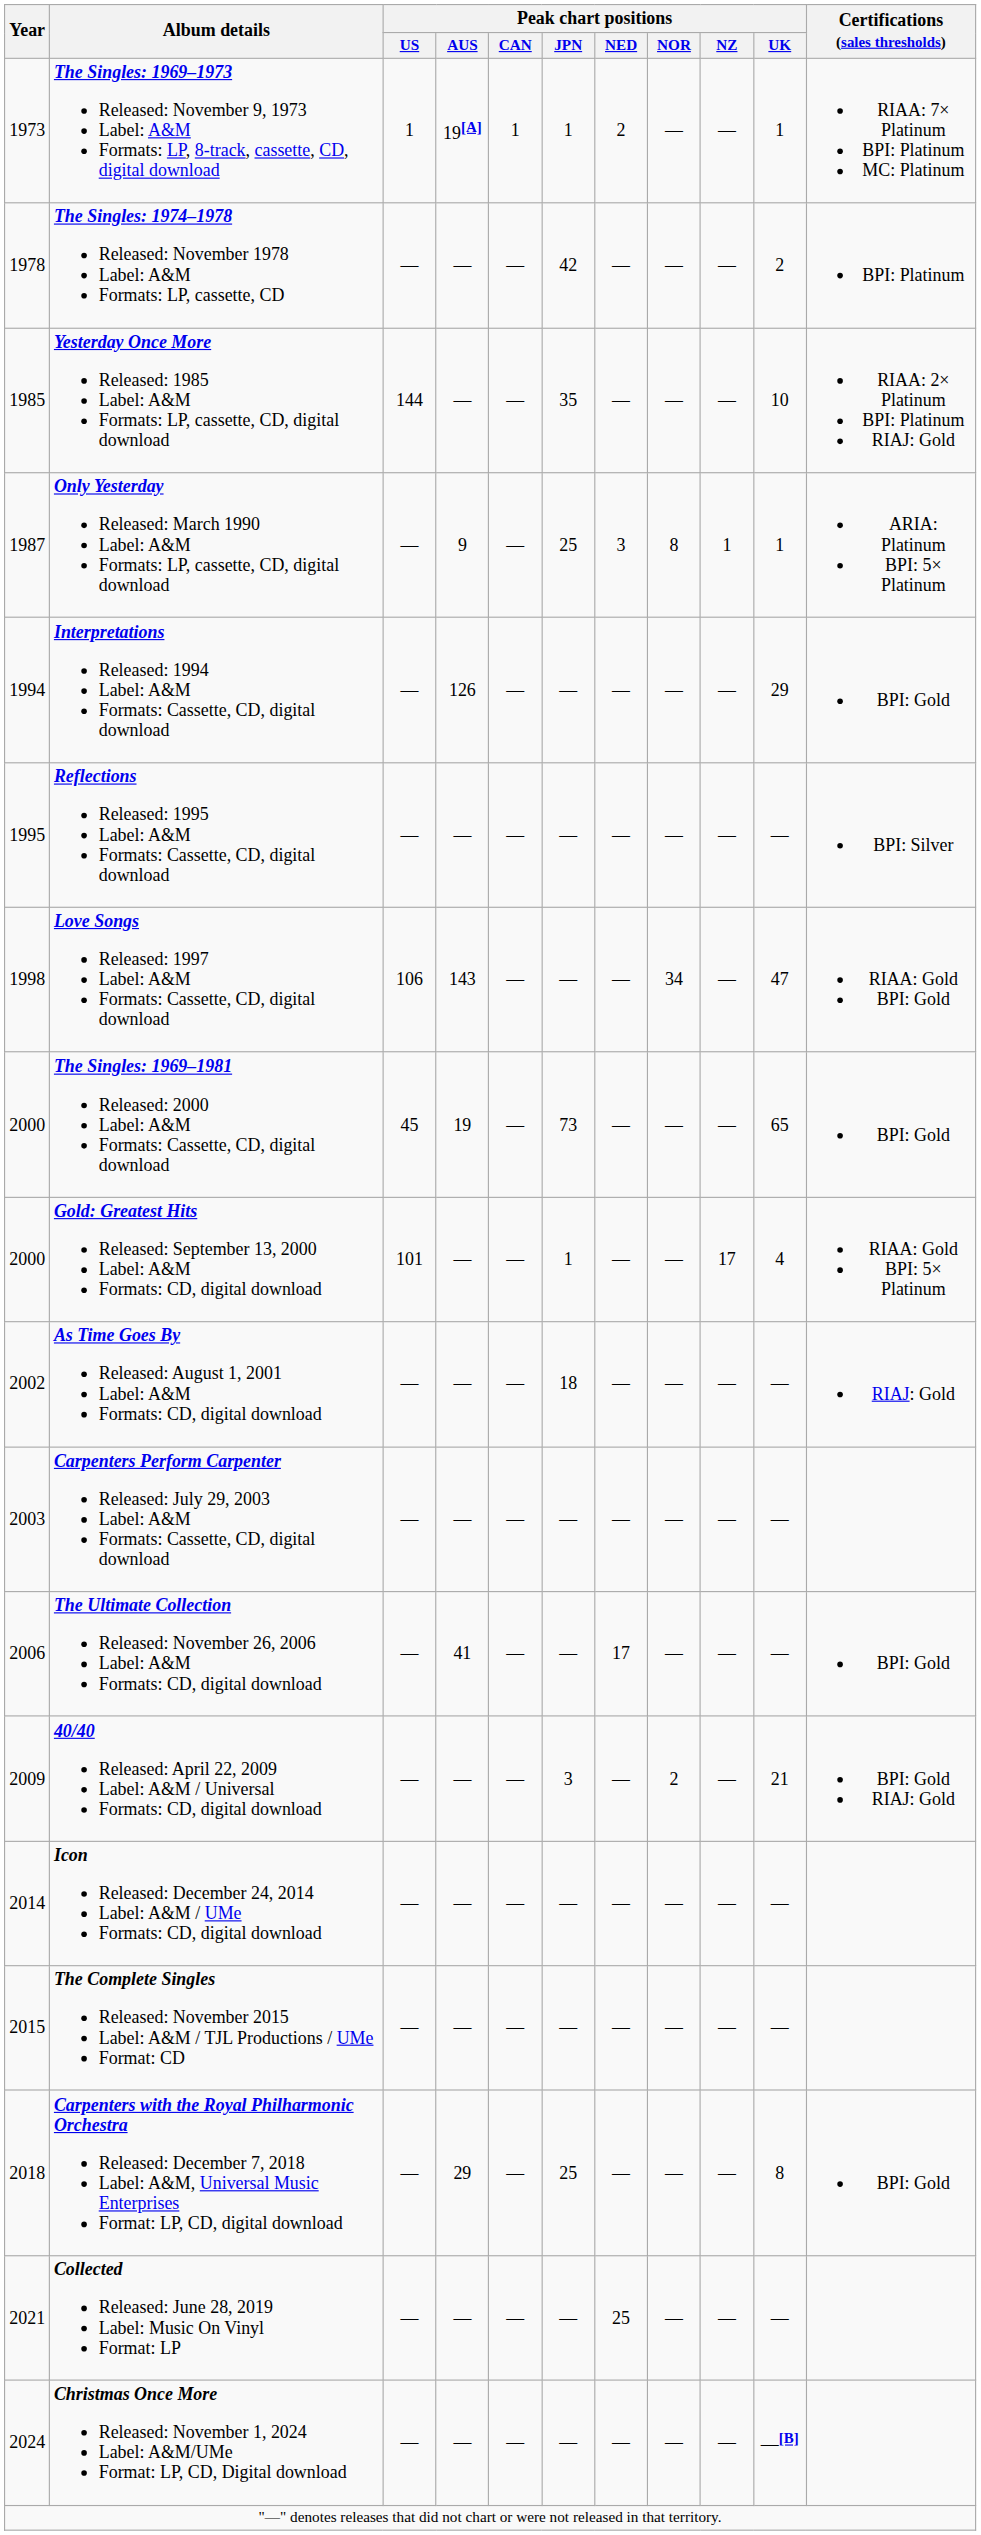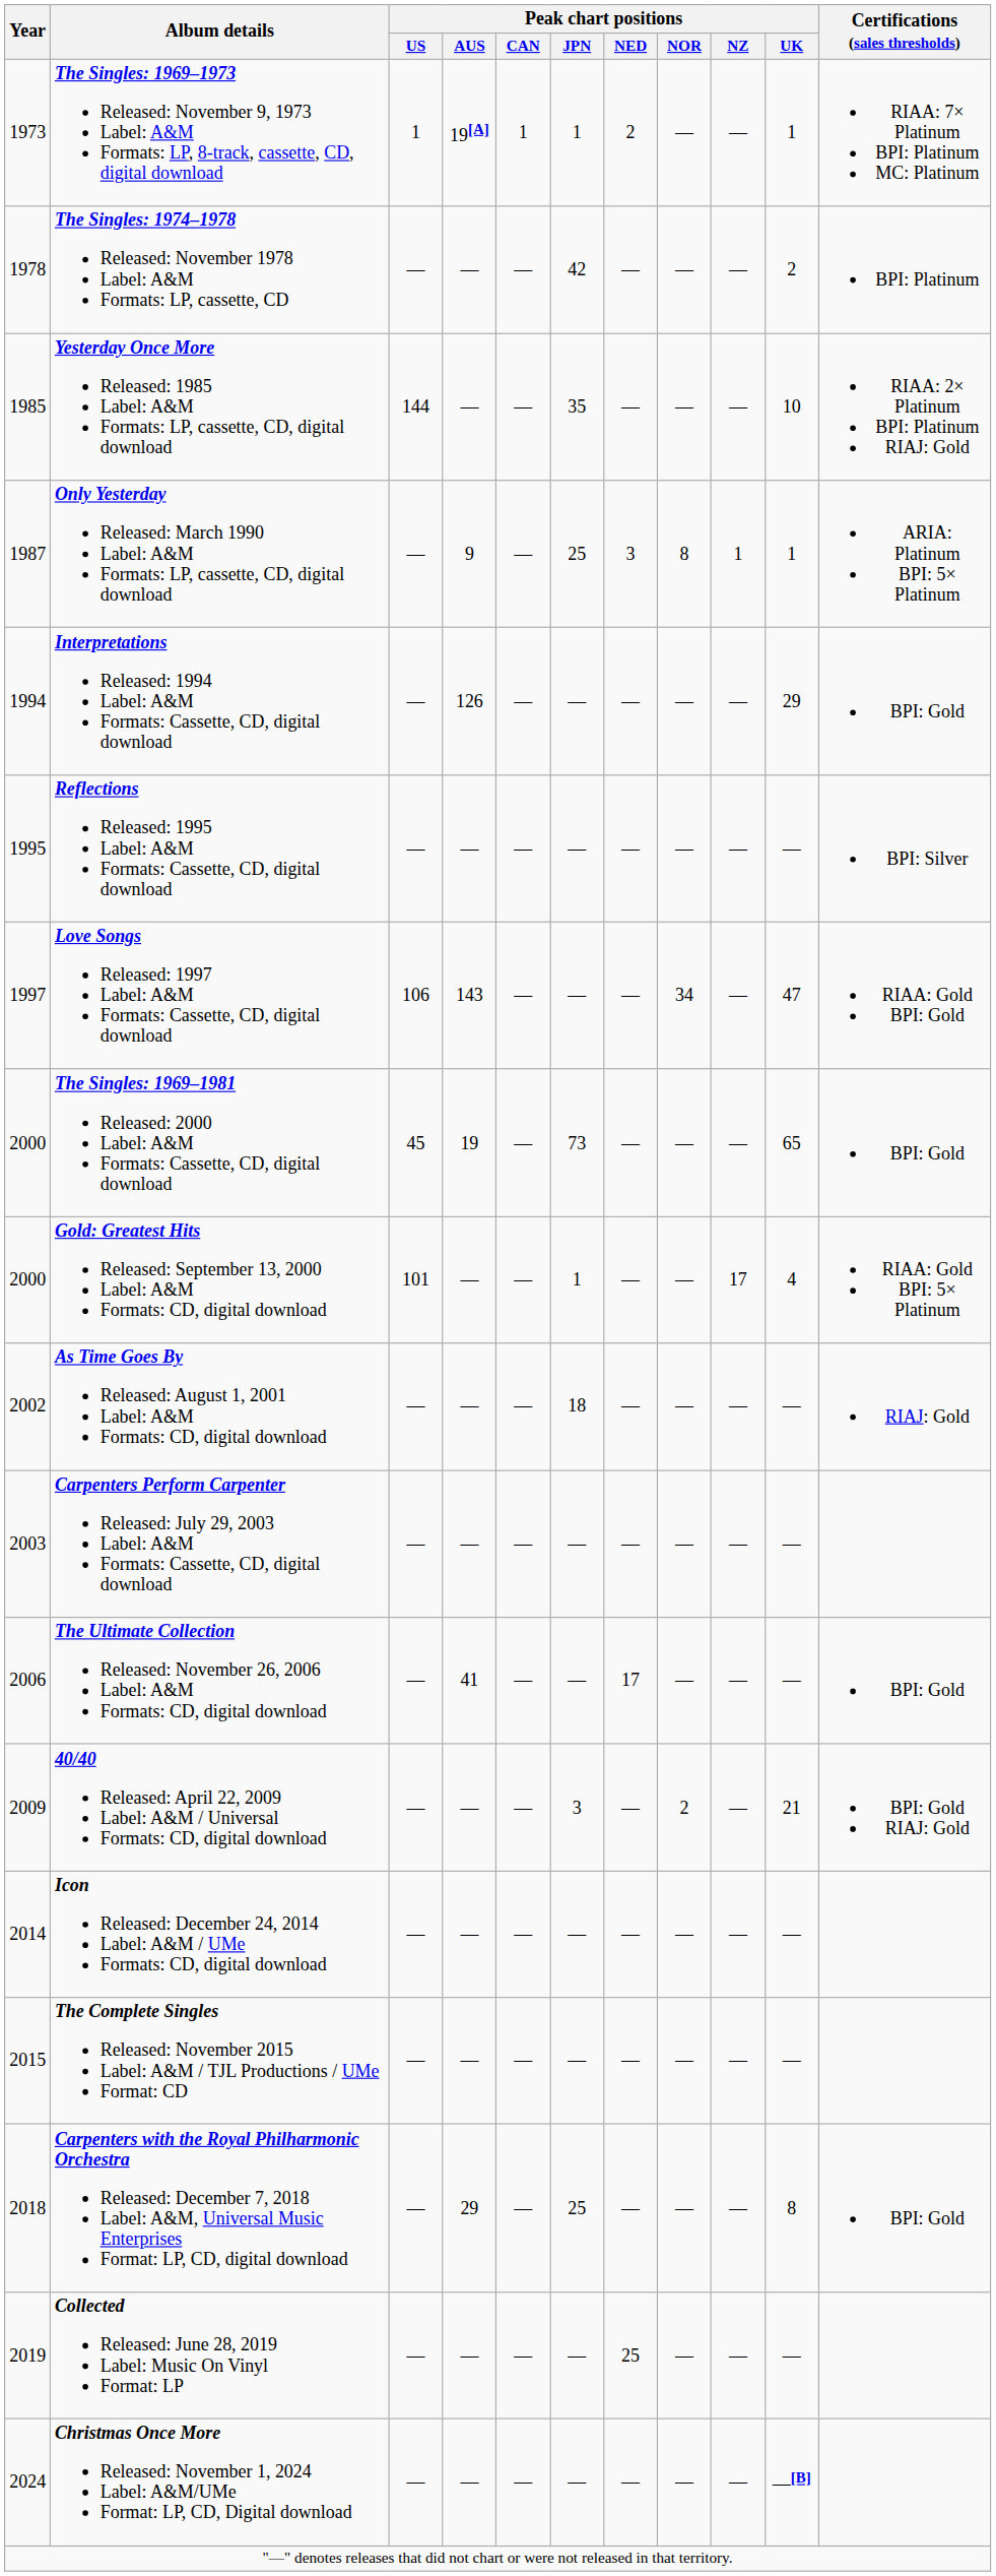 <table class="wikitable" style="text-align:center">
 <tr>
 <th rowspan="2" width="33">Year</th>
 <th rowspan="2">Album details</th>
 <th colspan="8">Peak chart positions</th>
 <th rowspan="2">Certifications<br><small>(<a href='#'>sales thresholds</a>)</small></th>
 </tr>
 <tr>
 <th style="width:3em;font-size:85%"><a href='#'>US</a><br></th>
 <th style="width:3em;font-size:85%"><a href='#'>AUS</a><br></th>
 <th style="width:3em;font-size:85%"><a href='#'>CAN</a><br></th>
 <th style="width:3em;font-size:85%"><a href='#'>JPN</a><br></th>
 <th style="width:3em;font-size:85%"><a href='#'>NED</a><br></th>
 <th style="width:3em;font-size:85%"><a href='#'>NOR</a><br></th>
 <th style="width:3em;font-size:85%"><a href='#'>NZ</a><br></th>
 <th style="width:3em;font-size:85%"><a href='#'>UK</a><br></th>
 </tr>
 <tr>
 <td>1973</td>
 <td align="left"><strong><em><a href='#'>The Singles: 1969–1973</a></em></strong><br><ul><li>Released: November 9, 1973</li><li>Label: <a href='#'>A&M</a></li><li>Formats: <a href='#'>LP</a>, <a href='#'>8-track</a>, <a href='#'>cassette</a>, <a href='#'>CD</a>, <a href='#'>digital download</a></li></ul></td>
 <td>1</td>
 <td>19<sup><a href='#'><strong>[A]</strong></a></sup></td>
 <td>1</td>
 <td>1</td>
 <td>2</td>
 <td>—</td>
 <td>—</td>
 <td>1</td>
 <td><br><ul><li>RIAA: 7× Platinum</li><li>BPI: Platinum</li><li>MC: Platinum</li></ul></td>
 </tr>
 <tr>
 <td>1978</td>
 <td align="left"><strong><em><a href='#'>The Singles: 1974–1978</a></em></strong><br><ul><li>Released: November 1978</li><li>Label: A&M</li><li>Formats: LP, cassette, CD</li></ul></td>
 <td>—</td>
 <td>—</td>
 <td>—</td>
 <td>42</td>
 <td>—</td>
 <td>—</td>
 <td>—</td>
 <td>2</td>
 <td><br><ul><li>BPI: Platinum</li></ul></td>
 </tr>
 <tr>
 <td>1985</td>
 <td align="left"><strong><em><a href='#'>Yesterday Once More</a></em></strong><br><ul><li>Released: 1985</li><li>Label: A&M</li><li>Formats: LP, cassette, CD, digital download</li></ul></td>
 <td>144</td>
 <td>—</td>
 <td>—</td>
 <td>35</td>
 <td>—</td>
 <td>—</td>
 <td>—</td>
 <td>10</td>
 <td><br><ul><li>RIAA: 2× Platinum</li><li>BPI: Platinum</li><li>RIAJ: Gold</li></ul></td>
 </tr>
 <tr>
 <td>1987</td>
 <td align="left"><strong><em><a href='#'>Only Yesterday</a></em></strong><br><ul><li>Released: March 1990</li><li>Label: A&M</li><li>Formats: LP, cassette, CD, digital download</li></ul></td>
 <td>—</td>
 <td>9</td>
 <td>—</td>
 <td>25</td>
 <td>3</td>
 <td>8</td>
 <td>1</td>
 <td>1</td>
 <td><br><ul><li>ARIA: Platinum</li><li>BPI: 5× Platinum</li></ul></td>
 </tr>
 <tr>
 <td>1994</td>
 <td align="left"><strong><em><a href='#'>Interpretations</a></em></strong><br><ul><li>Released: 1994</li><li>Label: A&M</li><li>Formats: Cassette, CD, digital download</li></ul></td>
 <td>—</td>
 <td>126</td>
 <td>—</td>
 <td>—</td>
 <td>—</td>
 <td>—</td>
 <td>—</td>
 <td>29</td>
 <td><br><ul><li>BPI: Gold</li></ul></td>
 </tr>
 <tr>
 <td>1995</td>
 <td align="left"><strong><em><a href='#'>Reflections</a></em></strong><br><ul><li>Released: 1995</li><li>Label: A&M</li><li>Formats: Cassette, CD, digital download</li></ul></td>
 <td>—</td>
 <td>—</td>
 <td>—</td>
 <td>—</td>
 <td>—</td>
 <td>—</td>
 <td>—</td>
 <td>—</td>
 <td><br><ul><li>BPI: Silver</li></ul></td>
 </tr>
 <tr>
-<td>1998</td>
+<td>1997</td>
 <td align="left"><strong><em><a href='#'>Love Songs</a></em></strong><br><ul><li>Released: 1997</li><li>Label: A&M</li><li>Formats: Cassette, CD, digital download</li></ul></td>
 <td>106</td>
 <td>143</td>
 <td>—</td>
 <td>—</td>
 <td>—</td>
 <td>34</td>
 <td>—</td>
 <td>47</td>
 <td><br><ul><li>RIAA: Gold</li><li>BPI: Gold</li></ul></td>
 </tr>
 <tr>
 <td>2000</td>
 <td align="left"><strong><em><a href='#'>The Singles: 1969–1981</a></em></strong><br><ul><li>Released: 2000</li><li>Label: A&M</li><li>Formats: Cassette, CD, digital download</li></ul></td>
 <td>45</td>
 <td>19</td>
 <td>—</td>
 <td>73</td>
 <td>—</td>
 <td>—</td>
 <td>—</td>
 <td>65</td>
 <td><br><ul><li>BPI: Gold</li></ul></td>
 </tr>
 <tr>
 <td>2000</td>
 <td align="left"><strong><em><a href='#'>Gold: Greatest Hits</a></em></strong><br><ul><li>Released: September 13, 2000</li><li>Label: A&M</li><li>Formats: CD, digital download</li></ul></td>
 <td>101</td>
 <td>—</td>
 <td>—</td>
 <td>1</td>
 <td>—</td>
 <td>—</td>
 <td>17</td>
 <td>4</td>
 <td><br><ul><li>RIAA: Gold</li><li>BPI: 5× Platinum</li></ul></td>
 </tr>
 <tr>
 <td>2002</td>
 <td align="left"><strong><em><a href='#'>As Time Goes By</a></em></strong><br><ul><li>Released: August 1, 2001</li><li>Label: A&M</li><li>Formats: CD, digital download</li></ul></td>
 <td>—</td>
 <td>—</td>
 <td>—</td>
 <td>18</td>
 <td>—</td>
 <td>—</td>
 <td>—</td>
 <td>—</td>
 <td><br><ul><li><a href='#'>RIAJ</a>: Gold</li></ul></td>
 </tr>
 <tr>
 <td>2003</td>
 <td align="left"><strong><em><a href='#'>Carpenters Perform Carpenter</a></em></strong><br><ul><li>Released: July 29, 2003</li><li>Label: A&M</li><li>Formats: Cassette, CD, digital download</li></ul></td>
 <td>—</td>
 <td>—</td>
 <td>—</td>
 <td>—</td>
 <td>—</td>
 <td>—</td>
 <td>—</td>
 <td>—</td>
 <td></td>
 </tr>
 <tr>
 <td>2006</td>
 <td align="left"><strong><em><a href='#'>The Ultimate Collection</a></em></strong><br><ul><li>Released: November 26, 2006</li><li>Label: A&M</li><li>Formats: CD, digital download</li></ul></td>
 <td>—</td>
 <td>41</td>
 <td>—</td>
 <td>—</td>
 <td>17</td>
 <td>—</td>
 <td>—</td>
 <td>—</td>
 <td><br><ul><li>BPI: Gold</li></ul></td>
 </tr>
 <tr>
 <td>2009</td>
 <td align="left"><strong><em><a href='#'>40/40</a></em></strong><br><ul><li>Released: April 22, 2009</li><li>Label: A&M / Universal</li><li>Formats: CD, digital download</li></ul></td>
 <td>—</td>
 <td>—</td>
 <td>—</td>
 <td>3</td>
 <td>—</td>
 <td>2</td>
 <td>—</td>
 <td>21</td>
 <td><br><ul><li>BPI: Gold</li><li>RIAJ: Gold</li></ul></td>
 </tr>
 <tr>
 <td>2014</td>
 <td align="left"><strong><em>Icon</em></strong><br><ul><li>Released: December 24, 2014</li><li>Label: A&M / <a href='#'>UMe</a></li><li>Formats: CD, digital download</li></ul></td>
 <td>—</td>
 <td>—</td>
 <td>—</td>
 <td>—</td>
 <td>—</td>
 <td>—</td>
 <td>—</td>
 <td>—</td>
 <td></td>
 </tr>
 <tr>
 <td>2015</td>
 <td align="left"><strong><em>The Complete Singles</em></strong><br><ul><li>Released: November 2015</li><li>Label: A&M / TJL Productions / <a href='#'>UMe</a></li><li>Format: CD</li></ul></td>
 <td>—</td>
 <td>—</td>
 <td>—</td>
 <td>—</td>
 <td>—</td>
 <td>—</td>
 <td>—</td>
 <td>—</td>
 <td></td>
 </tr>
 <tr>
 <td>2018</td>
 <td align="left"><strong><em><a href='#'>Carpenters with the Royal Philharmonic Orchestra</a></em></strong><br><ul><li>Released: December 7, 2018</li><li>Label: A&M, <a href='#'>Universal Music Enterprises</a></li><li>Format: LP, CD, digital download</li></ul></td>
 <td>—</td>
 <td>29</td>
 <td>—</td>
 <td>25</td>
 <td>—</td>
 <td>—</td>
 <td>—</td>
 <td>8</td>
 <td><br><ul><li>BPI: Gold</li></ul></td>
 </tr>
 <tr>
-<td>2021</td>
+<td>2019</td>
 <td align="left"><strong><em>Collected</em></strong><br><ul><li>Released: June 28, 2019</li><li>Label: Music On Vinyl</li><li>Format: LP</li></ul></td>
 <td>—</td>
 <td>—</td>
 <td>—</td>
 <td>—</td>
 <td>25</td>
 <td>—</td>
 <td>—</td>
 <td>—</td>
 <td></td>
 </tr>
 <tr>
 <td>2024</td>
 <td align="left"><strong><em>Christmas Once More</em></strong><br><ul><li>Released: November 1, 2024</li><li>Label: A&M/UMe</li><li>Format: LP, CD, Digital download</li></ul></td>
 <td>—</td>
 <td>—</td>
 <td>—</td>
 <td>—</td>
 <td>—</td>
 <td>—</td>
 <td>—</td>
 <td>—<sup><a href='#'><strong>[B]</strong></a></sup></td>
 <td></td>
 </tr>
 <tr>
 <td align="center" colspan="11" style="font-size:85%">"—" denotes releases that did not chart or were not released in that territory.</td>
 </tr>
 </table>
